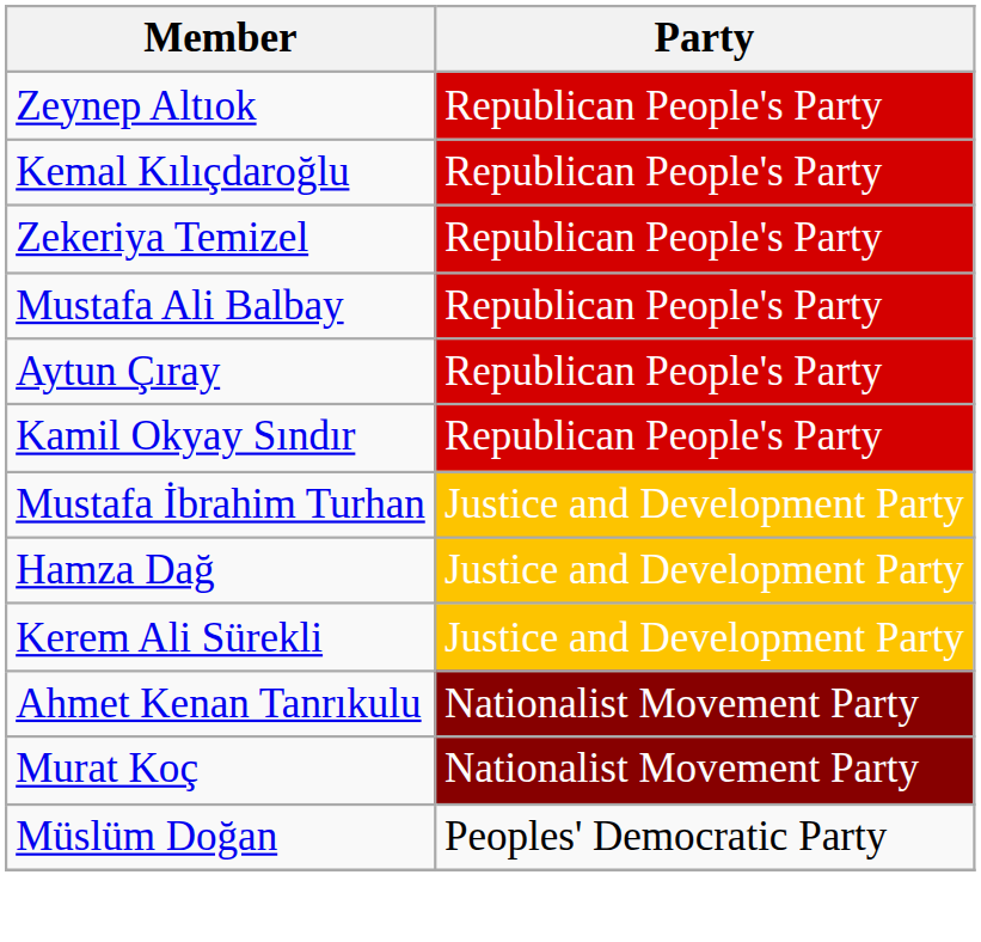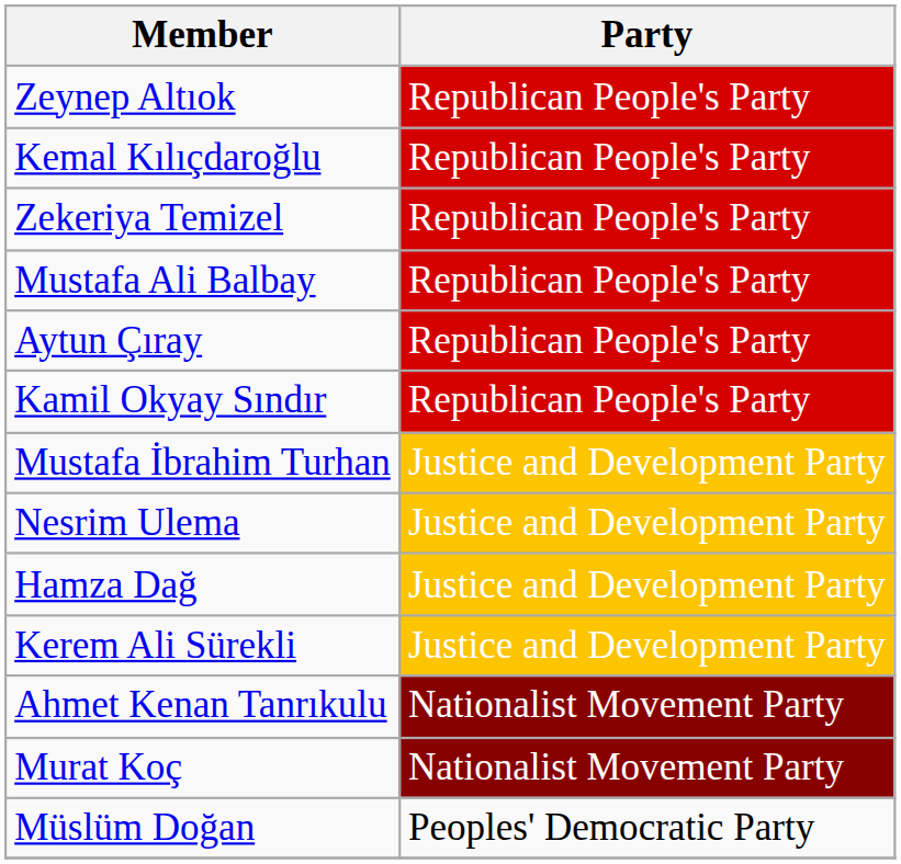 <table class="wikitable">
 <tr>
 <th>Member</th>
 <th>Party</th>
 </tr>
 <tr>
 <td><a href='#'>Zeynep Altıok</a></td>
 <td style="background:#D40000; color:white">Republican People's Party</td>
 </tr>
 <tr>
 <td><a href='#'>Kemal Kılıçdaroğlu</a></td>
 <td style="background:#D40000; color:white">Republican People's Party</td>
 </tr>
 <tr>
 <td><a href='#'>Zekeriya Temizel</a></td>
 <td style="background:#D40000; color:white">Republican People's Party</td>
 </tr>
 <tr>
 <td><a href='#'>Mustafa Ali Balbay</a></td>
 <td style="background:#D40000; color:white">Republican People's Party</td>
 </tr>
 <tr>
 <td><a href='#'>Aytun Çıray</a></td>
 <td style="background:#D40000; color:white">Republican People's Party</td>
 </tr>
 <tr>
 <td><a href='#'>Kamil Okyay Sındır</a></td>
 <td style="background:#D40000; color:white">Republican People's Party</td>
 </tr>
 <tr>
 <td><a href='#'>Mustafa İbrahim Turhan</a></td>
 <td style="background:#FDC400; color:white">Justice and Development Party</td>
 </tr>
 <tr>
+<td><a href='#'>Nesrim Ulema</a></td>
+<td style="background:#FDC400; color:white">Justice and Development Party</td>
+</tr>
+<tr>
 <td><a href='#'>Hamza Dağ</a></td>
 <td style="background:#FDC400; color:white">Justice and Development Party</td>
 </tr>
 <tr>
 <td><a href='#'>Kerem Ali Sürekli</a></td>
 <td style="background:#FDC400; color:white">Justice and Development Party</td>
 </tr>
 <tr>
 <td><a href='#'>Ahmet Kenan Tanrıkulu</a></td>
 <td style="background:#870000; color:white">Nationalist Movement Party</td>
 </tr>
 <tr>
 <td><a href='#'>Murat Koç</a></td>
 <td style="background:#870000; color:white">Nationalist Movement Party</td>
 </tr>
 <tr>
 <td><a href='#'>Müslüm Doğan</a></td>
 <td style="background:">Peoples' Democratic Party</td>
 </tr>
 <tr>
 </tr>
 </table>
